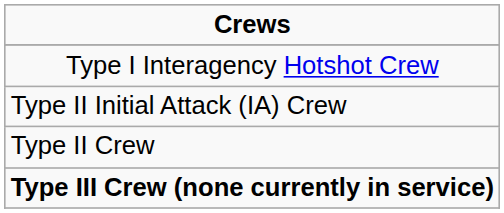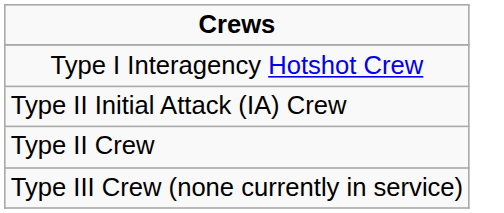 <table class="wikitable">
 <tr>
 <td colspan="1" align="center"><strong>Crews</strong></td>
 </tr>
 <tr bgcolor="#f0f0f0">
 </tr>
 <tr style="text-align: center;">
 <td>Type I Interagency <a href='#'>Hotshot Crew</a></td>
 </tr>
 <tr>
 <td>Type II Initial Attack (IA) Crew</td>
 </tr>
 <tr>
 <td>Type II Crew</td>
 </tr>
 <tr>
-<td><strong>Type III Crew (none currently in service)</strong></td>
+<td>Type III Crew (none currently in service)</td>
 </tr>
 </table>
